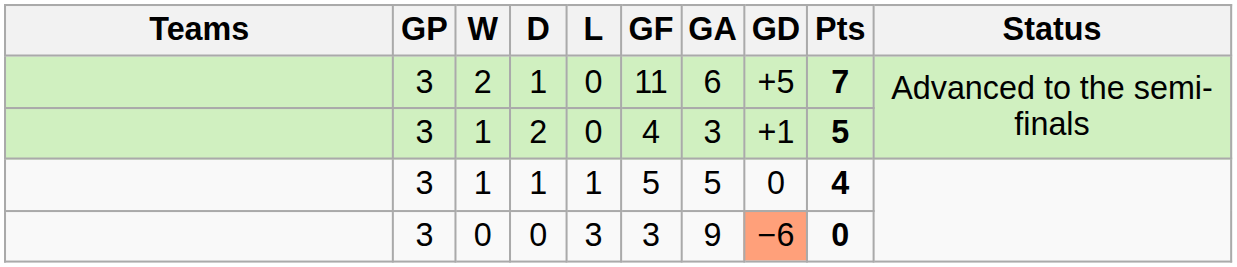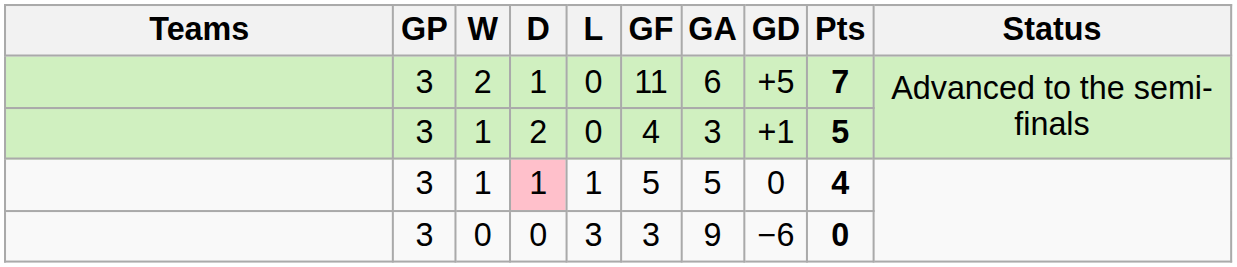 <table class="wikitable" style="text-align:center">
 <tr>
 <th width=185>Teams</th>
 <th width=20>GP</th>
 <th width=20>W</th>
 <th width=20>D</th>
 <th width=20>L</th>
 <th width=20>GF</th>
 <th width=20>GA</th>
 <th width=20>GD</th>
 <th width=20>Pts</th>
 <th>Status</th>
 </tr>
 <tr bgcolor="#D0F0C0">
 <td style="text-align:left;"></td>
 <td>3</td>
 <td>2</td>
 <td>1</td>
 <td>0</td>
 <td>11</td>
 <td>6</td>
 <td>+5</td>
 <td><strong>7</strong></td>
 <td rowspan=2>Advanced to the semi-finals</td>
 </tr>
 <tr bgcolor="#D0F0C0">
 <td style="text-align:left;"></td>
 <td>3</td>
 <td>1</td>
 <td>2</td>
 <td>0</td>
 <td>4</td>
 <td>3</td>
 <td>+1</td>
 <td><strong>5</strong></td>
 </tr>
 <tr>
 <td style="text-align:left;"></td>
 <td>3</td>
 <td>1</td>
-<td>1</td>
+<td style="background: pink;">1</td>
 <td>1</td>
 <td>5</td>
 <td>5</td>
 <td>0</td>
 <td><strong>4</strong></td>
 </tr>
 <tr>
 <td style="text-align:left;"></td>
 <td>3</td>
 <td>0</td>
 <td>0</td>
 <td>3</td>
 <td>3</td>
 <td>9</td>
-<td style="background: lightsalmon;">−6</td>
+<td>−6</td>
 <td><strong>0</strong></td>
 </tr>
 </table>
